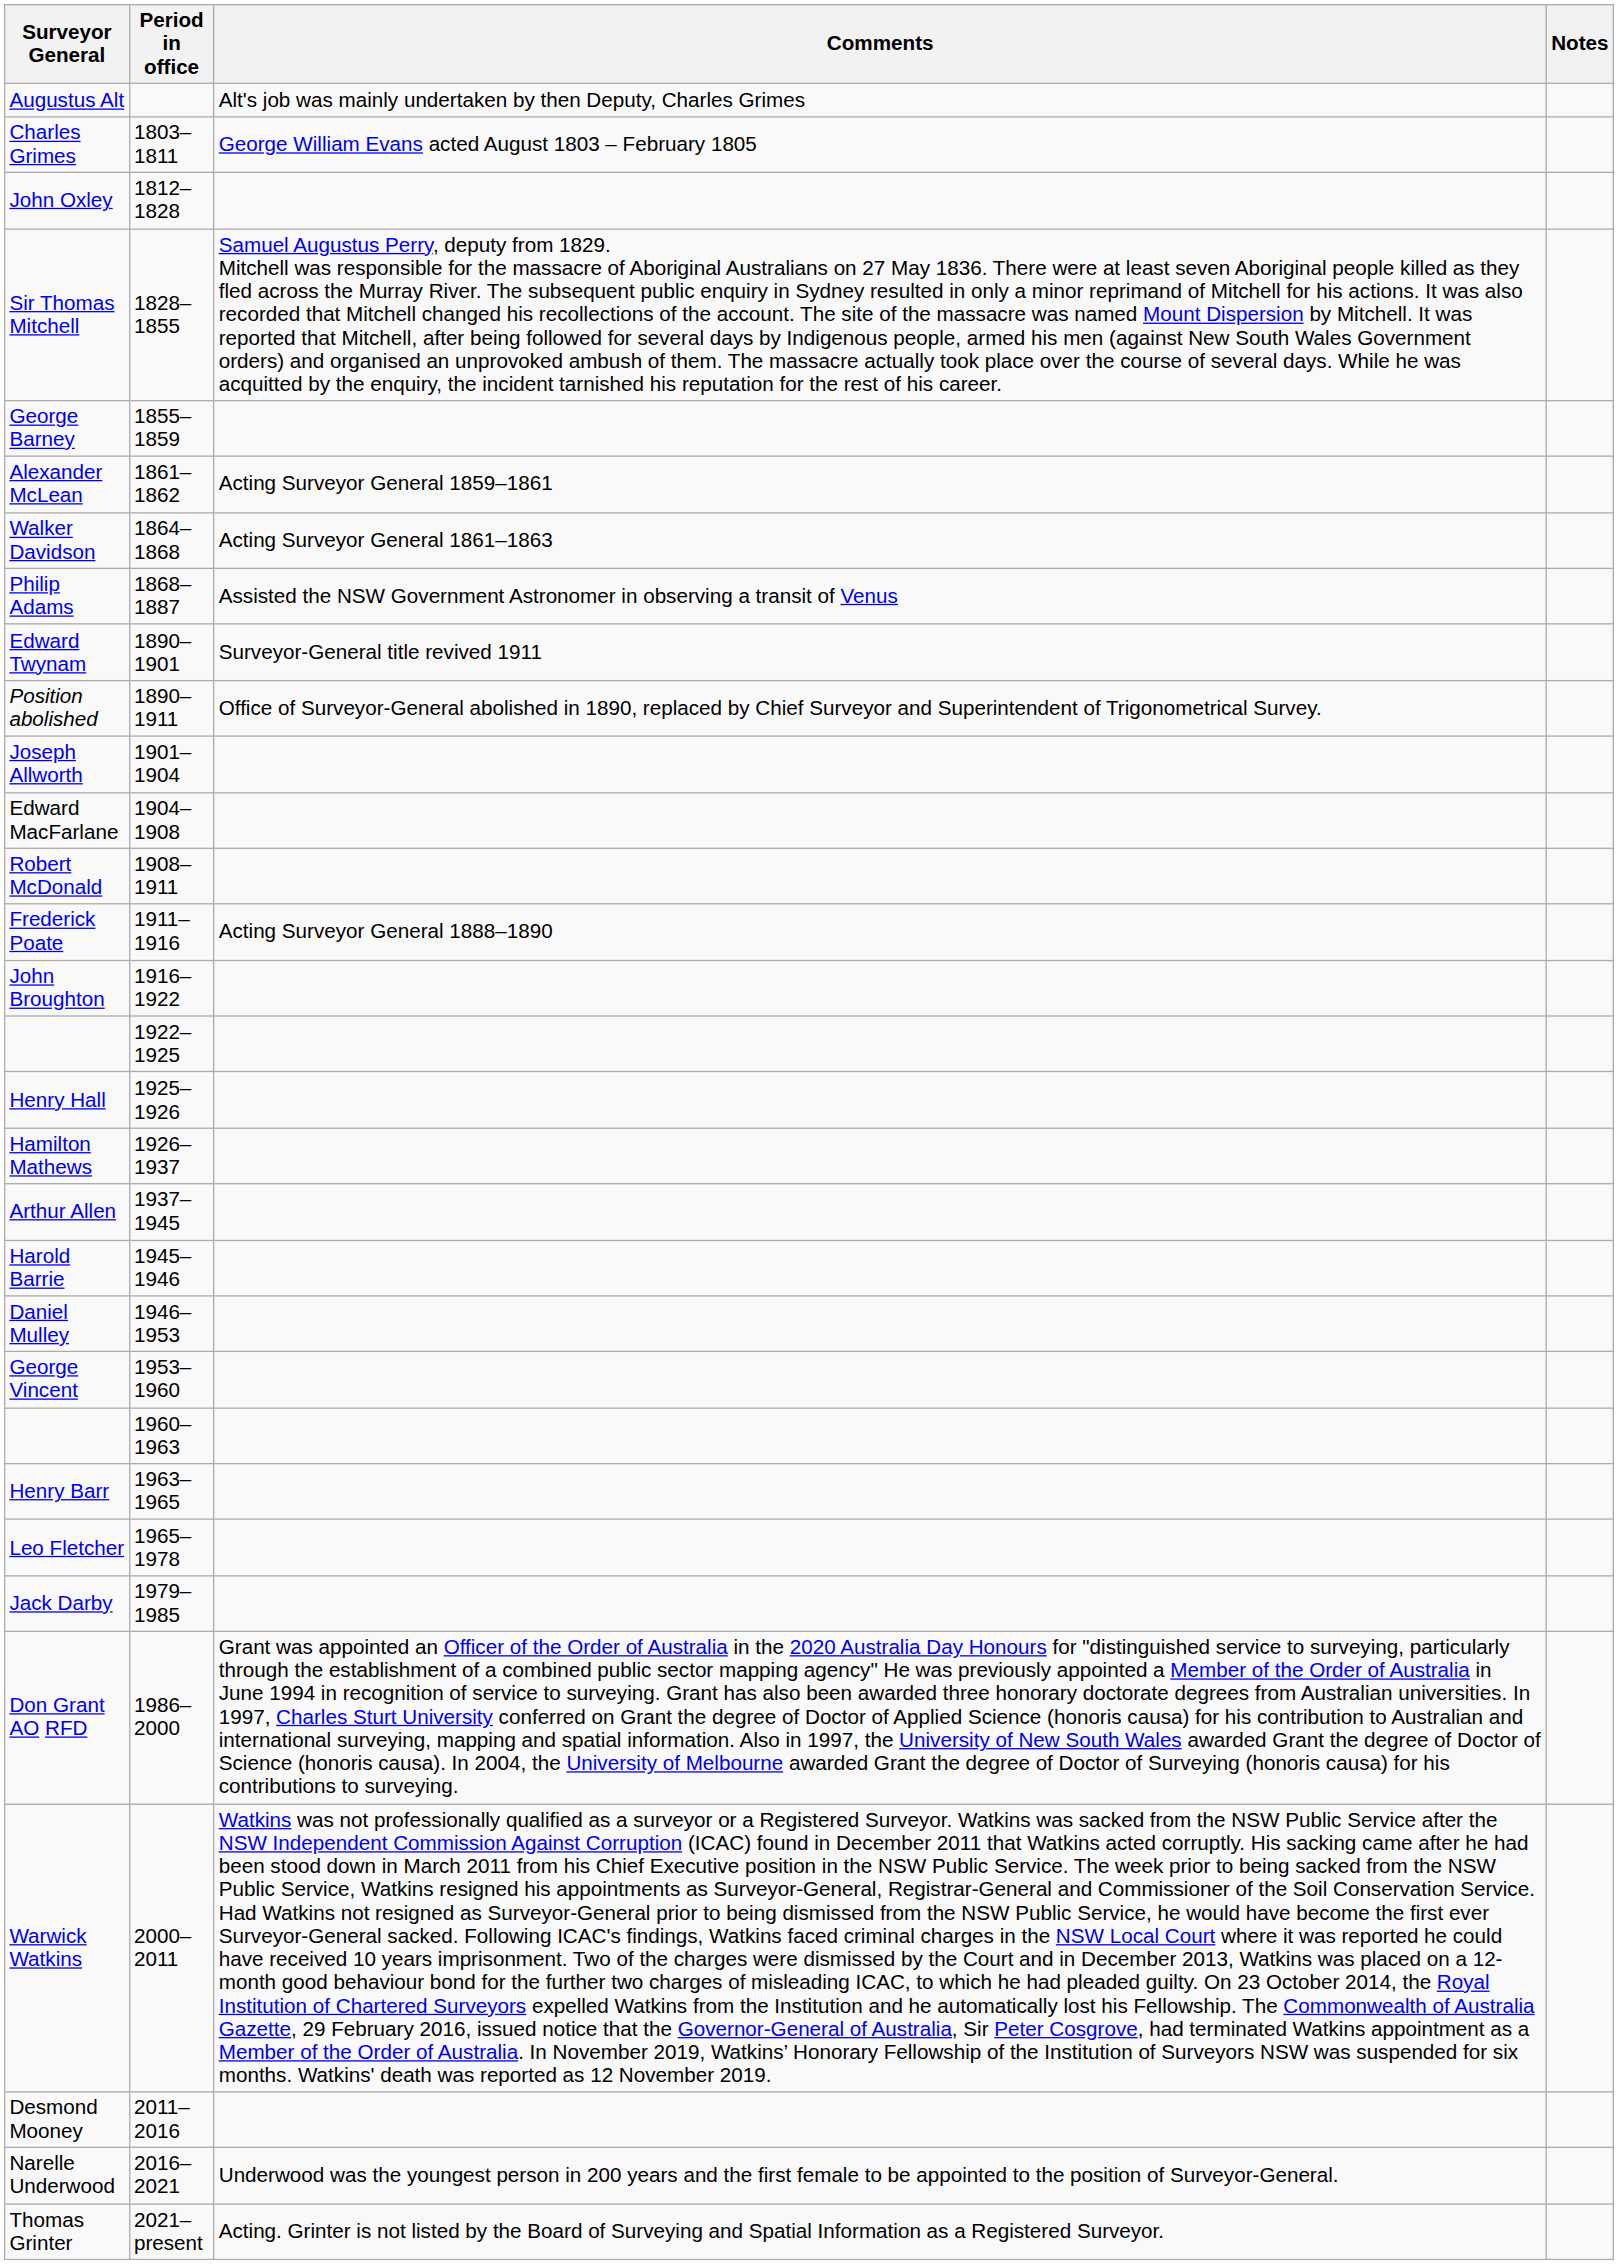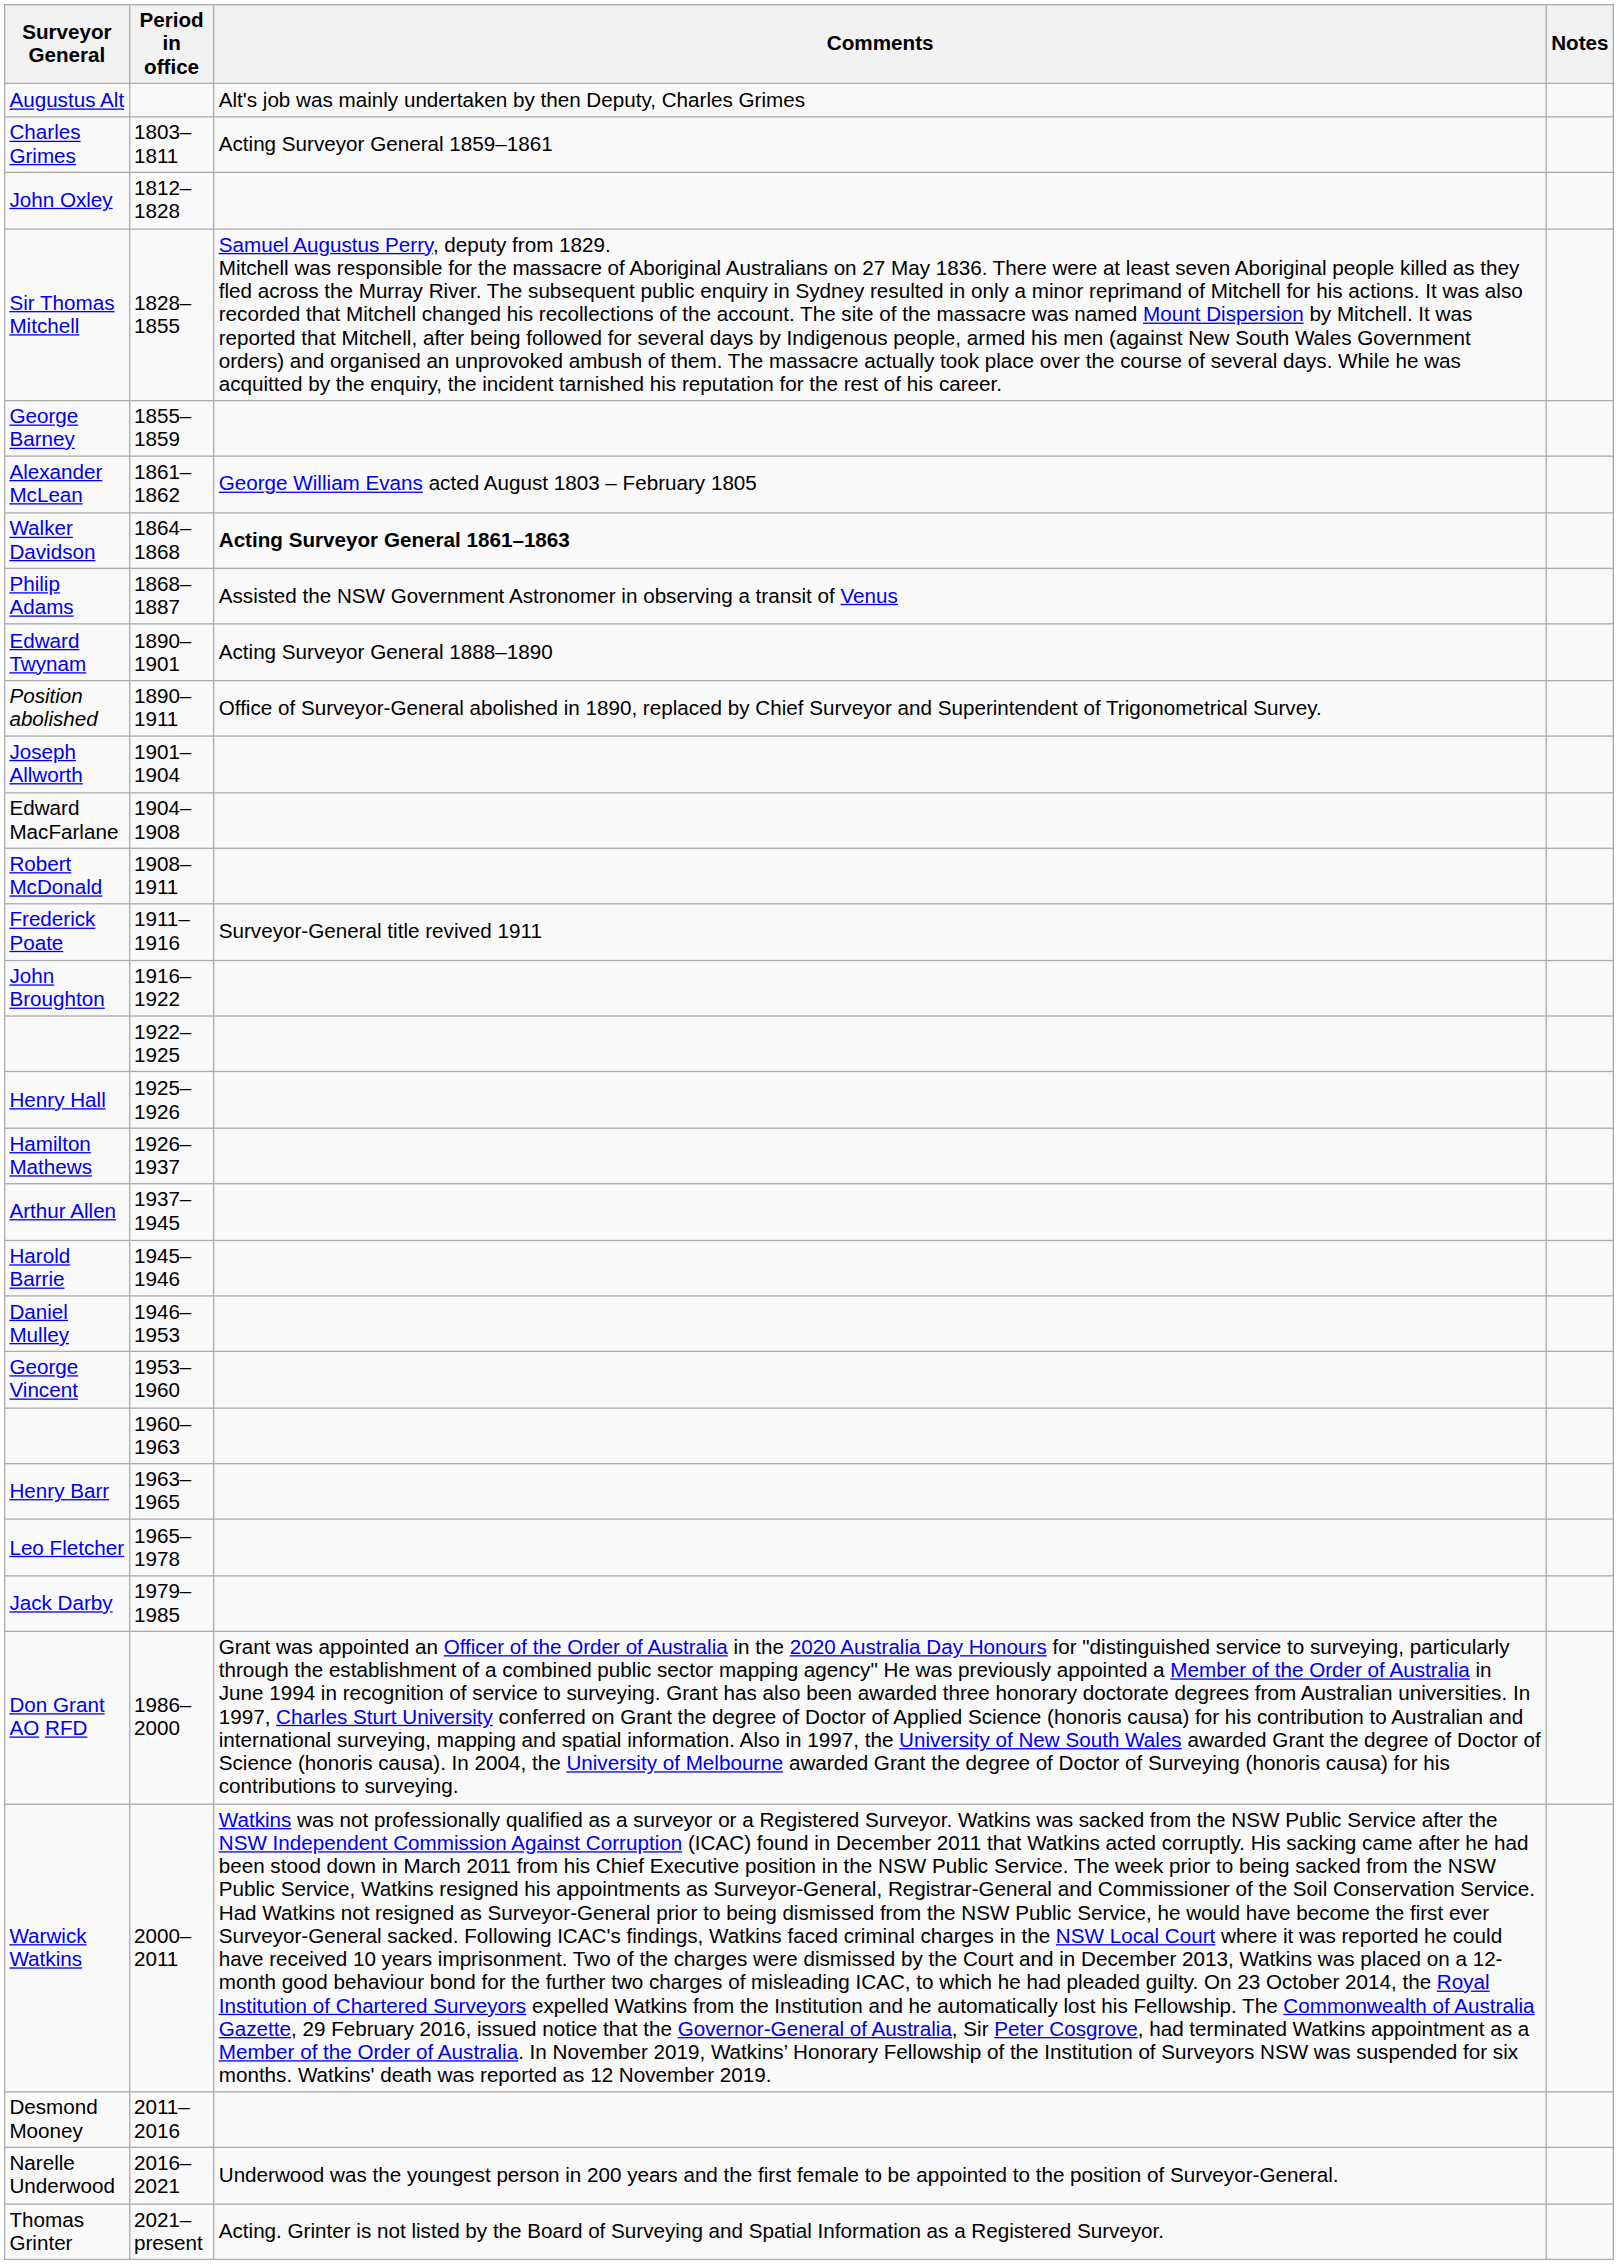 <table class="wikitable">
 <tr>
 <th>Surveyor General</th>
 <th>Period in office</th>
 <th>Comments</th>
 <th>Notes</th>
 </tr>
 <tr>
 <td><a href='#'>Augustus Alt</a></td>
 <td></td>
 <td>Alt's job was mainly undertaken by then Deputy, Charles Grimes</td>
 <td></td>
 </tr>
 <tr>
 <td><a href='#'>Charles Grimes</a></td>
 <td>1803–1811</td>
-<td><a href='#'>George William Evans</a> acted August 1803 – February 1805</td>
+<td>Acting Surveyor General 1859–1861</td>
 <td></td>
 </tr>
 <tr>
 <td><a href='#'>John Oxley</a></td>
 <td>1812–1828</td>
 <td></td>
 <td></td>
 </tr>
 <tr>
 <td><a href='#'>Sir Thomas Mitchell</a></td>
 <td>1828–1855</td>
 <td><a href='#'>Samuel Augustus Perry</a>, deputy from 1829.<br>Mitchell was responsible for the massacre of Aboriginal Australians on 27 May 1836. There were at least seven Aboriginal people killed as they fled across the Murray River. The subsequent public enquiry in Sydney resulted in only a minor reprimand of Mitchell for his actions. It was also recorded that Mitchell changed his recollections of the account. The site of the massacre was named <a href='#'>Mount Dispersion</a> by Mitchell. It was reported that Mitchell, after being followed for several days by Indigenous people, armed his men (against New South Wales Government orders) and organised an unprovoked ambush of them. The massacre actually took place over the course of several days. While he was acquitted by the enquiry, the incident tarnished his reputation for the rest of his career.</td>
 <td></td>
 </tr>
 <tr>
 <td><a href='#'>George Barney</a></td>
 <td>1855–1859</td>
 <td></td>
 <td></td>
 </tr>
 <tr>
 <td><a href='#'>Alexander McLean</a></td>
 <td>1861–1862</td>
-<td>Acting Surveyor General 1859–1861</td>
+<td><a href='#'>George William Evans</a> acted August 1803 – February 1805</td>
 <td></td>
 </tr>
 <tr>
 <td><a href='#'>Walker Davidson</a></td>
 <td>1864–1868</td>
-<td>Acting Surveyor General 1861–1863</td>
+<td><strong>Acting Surveyor General 1861–1863</strong></td>
 <td></td>
 </tr>
 <tr>
 <td><a href='#'>Philip Adams</a></td>
 <td>1868–1887</td>
 <td>Assisted the NSW Government Astronomer in observing a transit of <a href='#'>Venus</a></td>
 <td></td>
 </tr>
 <tr>
 <td><a href='#'>Edward Twynam</a></td>
 <td>1890–1901</td>
-<td>Surveyor-General title revived 1911</td>
+<td>Acting Surveyor General 1888–1890</td>
 <td></td>
 </tr>
 <tr>
 <td><em>Position abolished</em></td>
 <td>1890–1911</td>
 <td>Office of Surveyor-General abolished in 1890, replaced by Chief Surveyor and Superintendent of Trigonometrical Survey.</td>
 <td></td>
 </tr>
 <tr>
 <td><a href='#'>Joseph Allworth</a></td>
 <td>1901–1904</td>
 <td></td>
 <td></td>
 </tr>
 <tr>
 <td>Edward MacFarlane</td>
 <td>1904–1908</td>
 <td></td>
 <td></td>
 </tr>
 <tr>
 <td><a href='#'>Robert McDonald</a></td>
 <td>1908–1911</td>
 <td></td>
 <td></td>
 </tr>
 <tr>
 <td><a href='#'>Frederick Poate</a></td>
 <td>1911–1916</td>
-<td>Acting Surveyor General 1888–1890</td>
+<td>Surveyor-General title revived 1911</td>
 <td></td>
 </tr>
 <tr>
 <td><a href='#'>John Broughton</a></td>
 <td>1916–1922</td>
 <td></td>
 <td></td>
 </tr>
 <tr>
 <td></td>
 <td>1922–1925</td>
 <td></td>
 <td></td>
 </tr>
 <tr>
 <td><a href='#'>Henry Hall</a></td>
 <td>1925–1926</td>
 <td></td>
 <td></td>
 </tr>
 <tr>
 <td><a href='#'>Hamilton Mathews</a></td>
 <td>1926–1937</td>
 <td></td>
 <td></td>
 </tr>
 <tr>
 <td><a href='#'>Arthur Allen</a></td>
 <td>1937–1945</td>
 <td></td>
 <td></td>
 </tr>
 <tr>
 <td><a href='#'>Harold Barrie</a></td>
 <td>1945–1946</td>
 <td></td>
 <td></td>
 </tr>
 <tr>
 <td><a href='#'>Daniel Mulley</a></td>
 <td>1946–1953</td>
 <td></td>
 <td></td>
 </tr>
 <tr>
 <td><a href='#'>George Vincent</a></td>
 <td>1953–1960</td>
 <td></td>
 <td></td>
 </tr>
 <tr>
 <td></td>
 <td>1960–1963</td>
 <td></td>
 <td></td>
 </tr>
 <tr>
 <td><a href='#'>Henry Barr</a></td>
 <td>1963–1965</td>
 <td></td>
 <td></td>
 </tr>
 <tr>
 <td><a href='#'>Leo Fletcher</a></td>
 <td>1965–1978</td>
 <td></td>
 <td></td>
 </tr>
 <tr>
 <td><a href='#'>Jack Darby</a></td>
 <td>1979–1985</td>
 <td></td>
 <td></td>
 </tr>
 <tr>
 <td><a href='#'>Don Grant</a> <a href='#'>AO</a> <a href='#'>RFD</a></td>
 <td>1986–2000</td>
 <td>Grant was appointed an <a href='#'>Officer of the Order of Australia</a> in the <a href='#'>2020 Australia Day Honours</a> for "distinguished service to surveying, particularly through the establishment of a combined public sector mapping agency" He was previously appointed a <a href='#'>Member of the Order of Australia</a> in June 1994 in recognition of service to surveying. Grant has also been awarded three honorary doctorate degrees from Australian universities.  In 1997, <a href='#'>Charles Sturt University</a> conferred on Grant  the degree of Doctor of Applied Science (honoris causa) for his contribution to Australian and international surveying, mapping and spatial information. Also in 1997, the <a href='#'>University of New South Wales</a> awarded Grant the degree of Doctor of Science (honoris causa). In 2004, the <a href='#'>University of Melbourne</a> awarded Grant the degree of Doctor of Surveying (honoris causa) for his contributions to surveying.</td>
 <td></td>
 </tr>
 <tr>
 <td><a href='#'>Warwick Watkins</a></td>
 <td>2000–2011</td>
 <td><a href='#'>Watkins</a> was not professionally qualified as a surveyor or a Registered Surveyor. Watkins was sacked from the NSW Public Service after the <a href='#'>NSW Independent Commission Against Corruption</a> (ICAC) found in December 2011 that Watkins acted corruptly. His sacking came after he had been stood down in March 2011 from his Chief Executive position in the NSW Public Service.  The week prior to being sacked from the NSW Public Service, Watkins resigned his appointments as Surveyor-General, Registrar-General and Commissioner of the Soil Conservation Service.  Had Watkins not resigned as Surveyor-General prior to being dismissed from the NSW Public Service, he would have become the first ever Surveyor-General sacked. Following ICAC's findings, Watkins faced criminal charges in the <a href='#'>NSW Local Court</a> where it was reported he could have received 10 years imprisonment. Two of the charges were dismissed by the Court and in December 2013, Watkins was placed on a 12-month good behaviour bond for the further two charges of misleading ICAC, to which he had pleaded guilty. On 23 October 2014, the <a href='#'>Royal Institution of Chartered Surveyors</a> expelled Watkins from the Institution and he automatically lost his Fellowship.  The <a href='#'>Commonwealth of Australia Gazette</a>, 29 February 2016, issued notice that the <a href='#'>Governor-General of Australia</a>, Sir <a href='#'>Peter Cosgrove</a>, had terminated Watkins appointment as a <a href='#'>Member of the Order of Australia</a>. In November 2019, Watkins’ Honorary Fellowship of the Institution of Surveyors NSW was suspended for six months. Watkins' death was reported as 12 November 2019.</td>
 <td></td>
 </tr>
 <tr>
 <td>Desmond Mooney</td>
 <td>2011–2016</td>
 <td></td>
 <td></td>
 </tr>
 <tr>
 <td>Narelle Underwood</td>
 <td>2016–2021</td>
 <td>Underwood was the youngest person in 200 years and the first female to be appointed to the position of Surveyor-General.</td>
 <td></td>
 </tr>
 <tr>
 <td>Thomas Grinter</td>
 <td>2021–present</td>
 <td>Acting. Grinter is not listed by the Board of Surveying and Spatial Information as a Registered Surveyor.</td>
 <td></td>
 </tr>
 <tr>
 </tr>
 </table>
